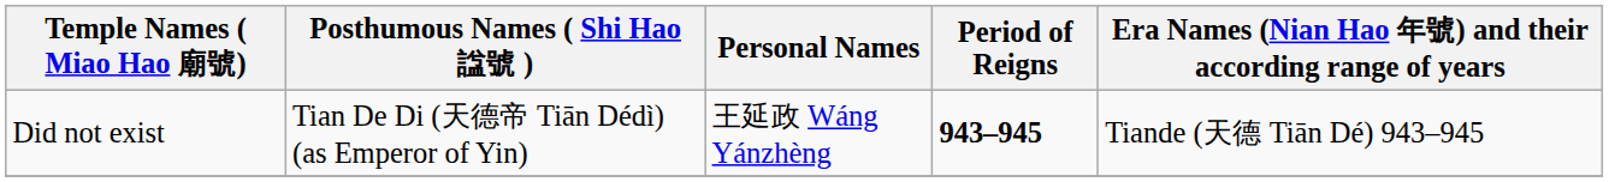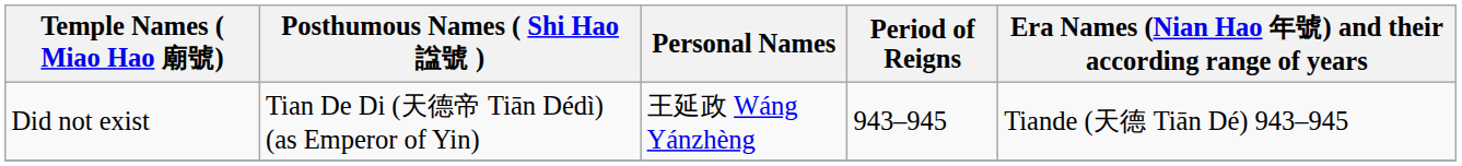 <table class="wikitable">
 <tr>
 <th>Temple Names ( <a href='#'>Miao Hao</a> 廟號)</th>
 <th>Posthumous Names ( <a href='#'>Shi Hao</a> 諡號 )</th>
 <th>Personal Names</th>
 <th>Period of Reigns</th>
 <th>Era Names (<a href='#'>Nian Hao</a> 年號) and their according range of years</th>
 </tr>
 <tr>
 <td>Did not exist</td>
 <td>Tian De Di (天德帝 Tiān Dédì) (as Emperor of Yin)</td>
 <td Wang Yan Zheng>王延政 <a href='#'>Wáng Yánzhèng</a></td>
-<td><strong>943–945</strong></td>
+<td>943–945</td>
 <td>Tiande (天德 Tiān Dé) 943–945</td>
 </tr>
 <tr>
 </tr>
 </table>
